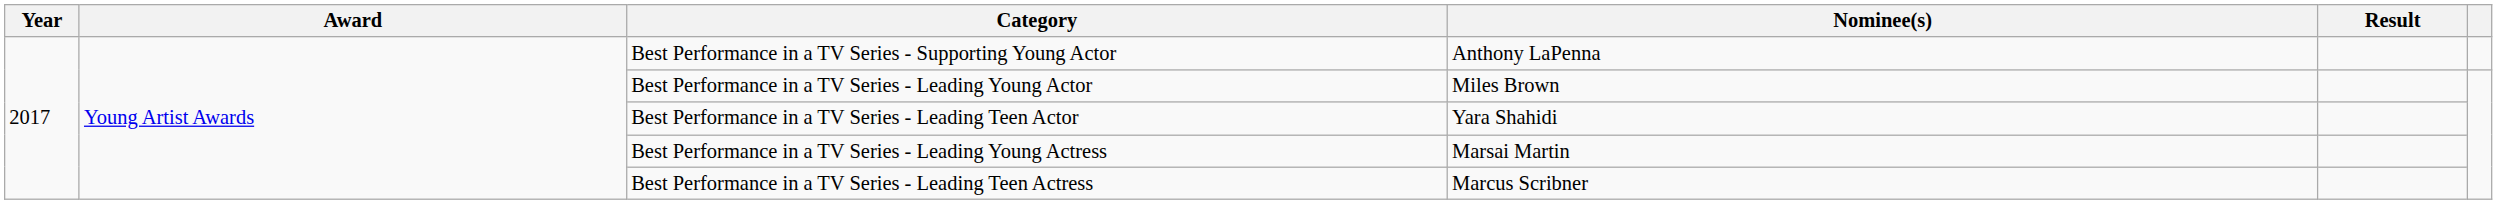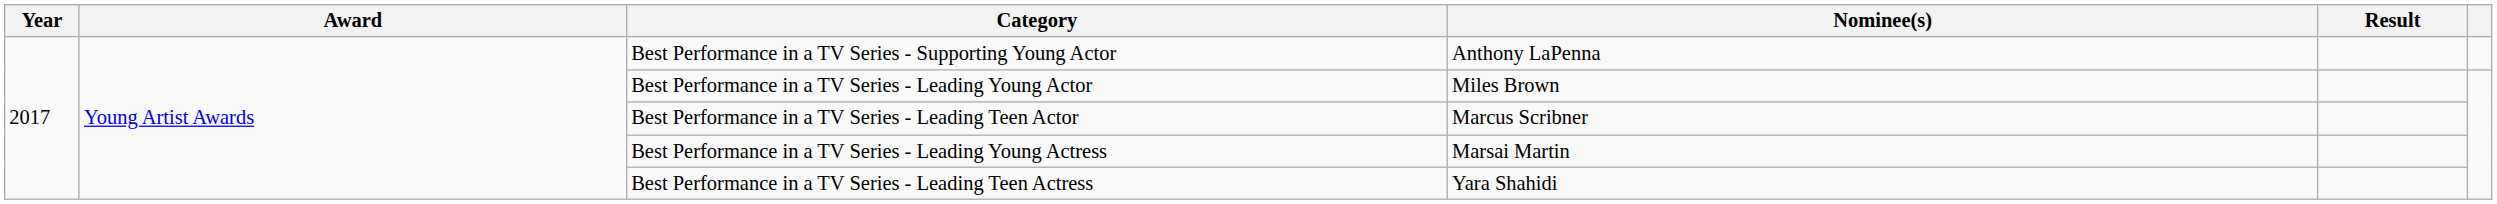 <table class="wikitable sortable" style="width:98%">
 <tr>
 <th scope="col" style="width:3%;">Year</th>
 <th scope="col" style="width:22%;">Award</th>
 <th scope="col" style="width:33%;">Category</th>
 <th>Nominee(s)</th>
 <th scope="col" style="width:6%;">Result</th>
 <th scope="col" class="unsortable" style="width:1%;"></th>
 </tr>
 <tr>
 <td rowspan="5">2017</td>
 <td rowspan=5><a href='#'>Young Artist Awards</a></td>
 <td>Best Performance in a TV Series - Supporting Young Actor</td>
 <td>Anthony LaPenna</td>
 <td></td>
 <td></td>
 </tr>
 <tr>
 <td>Best Performance in a TV Series - Leading Young Actor</td>
 <td>Miles Brown</td>
 <td></td>
 <td rowspan=4></td>
 </tr>
 <tr>
 <td>Best Performance in a TV Series - Leading Teen Actor</td>
-<td>Yara Shahidi</td>
+<td>Marcus Scribner</td>
 <td></td>
 </tr>
 <tr>
 <td>Best Performance in a TV Series - Leading Young Actress</td>
 <td>Marsai Martin</td>
 <td></td>
 </tr>
 <tr>
 <td>Best Performance in a TV Series - Leading Teen Actress</td>
-<td>Marcus Scribner</td>
+<td>Yara Shahidi</td>
 <td></td>
 </tr>
 </table>
